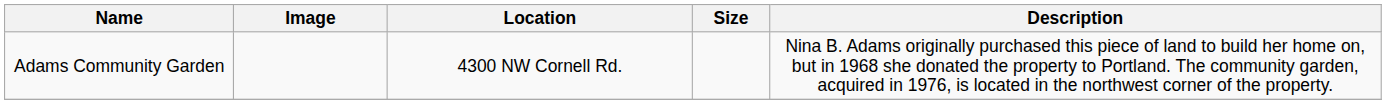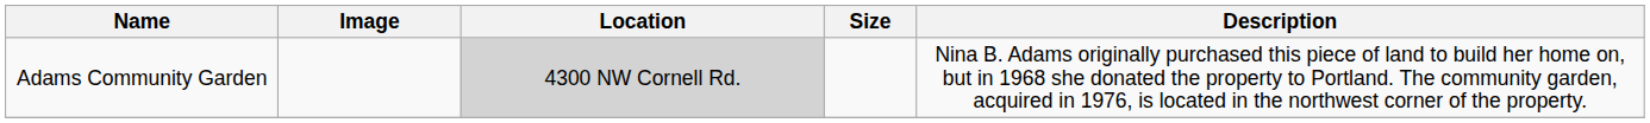 <table class="wikitable sortable" style="text-align:center; width:100%">
 <tr>
 <th width=15%>Name</th>
 <th width=10% class = "unsortable">Image</th>
 <th width=20%>Location</th>
 <th width=5%>Size</th>
 <th width=40% class = "unsortable">Description</th>
 </tr>
 <tr>
 <td>Adams Community Garden</td>
 <td></td>
-<td>4300 NW Cornell Rd.</td>
+<td style="background: lightgrey;">4300 NW Cornell Rd.</td>
 <td></td>
 <td>Nina B. Adams originally purchased this  piece of land to build her home on, but in 1968 she donated the property to Portland. The community garden, acquired in 1976, is located in the northwest corner of the property.</td>
 </tr>
 <tr>
 </tr>
 </table>
